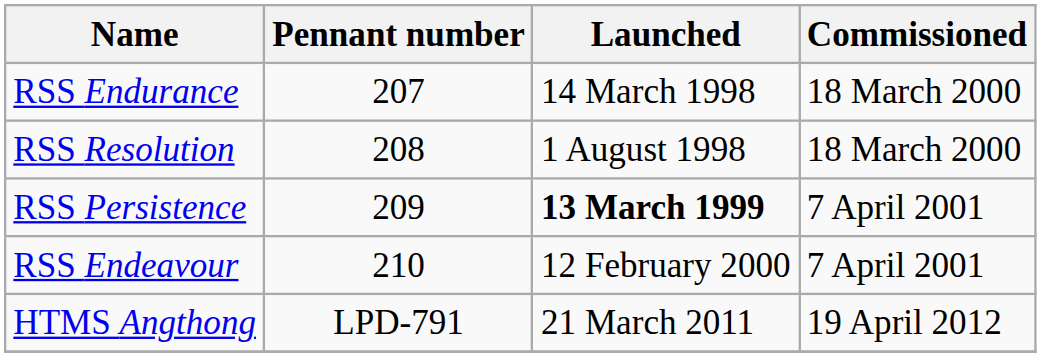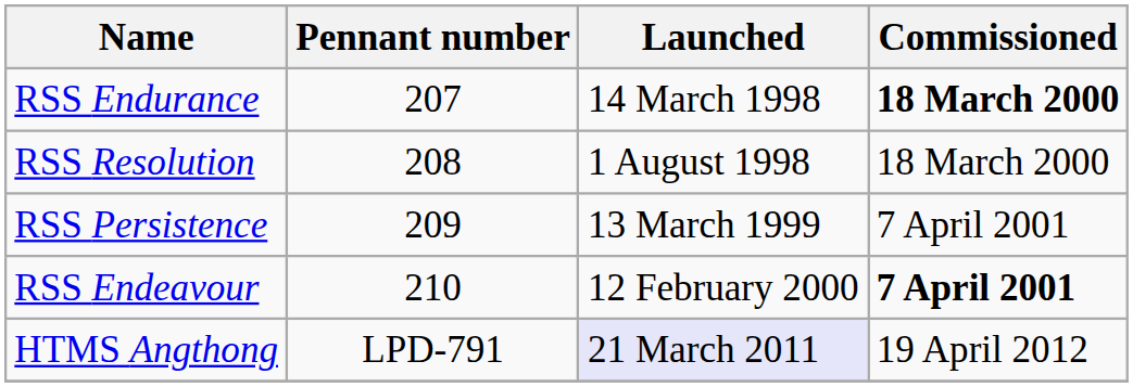 <table class="wikitable" style="font-size:95%">
 <tr>
 <th>Name</th>
 <th>Pennant number</th>
 <th>Launched</th>
 <th>Commissioned</th>
 </tr>
 <tr>
 <td><a href='#'>RSS <em>Endurance</em></a></td>
 <td align="center">207</td>
 <td>14 March 1998</td>
-<td>18 March 2000</td>
+<td><strong>18 March 2000</strong></td>
 </tr>
 <tr>
 <td><a href='#'>RSS <em>Resolution</em></a></td>
 <td align="center">208</td>
 <td>1 August 1998</td>
 <td>18 March 2000</td>
 </tr>
 <tr>
 <td><a href='#'>RSS <em>Persistence</em></a></td>
 <td align="center">209</td>
-<td><strong>13 March 1999</strong></td>
+<td>13 March 1999</td>
 <td>7 April 2001</td>
 </tr>
 <tr>
 <td><a href='#'>RSS <em>Endeavour</em></a></td>
 <td align="center">210</td>
 <td>12 February 2000</td>
-<td>7 April 2001</td>
+<td><strong>7 April 2001</strong></td>
 </tr>
 <tr>
 <td><a href='#'>HTMS <em>Angthong</em></a></td>
 <td align="center">LPD-791</td>
-<td>21 March 2011</td>
+<td style="background: lavender;">21 March 2011</td>
 <td>19 April 2012</td>
 </tr>
 <tr>
 </tr>
 </table>
